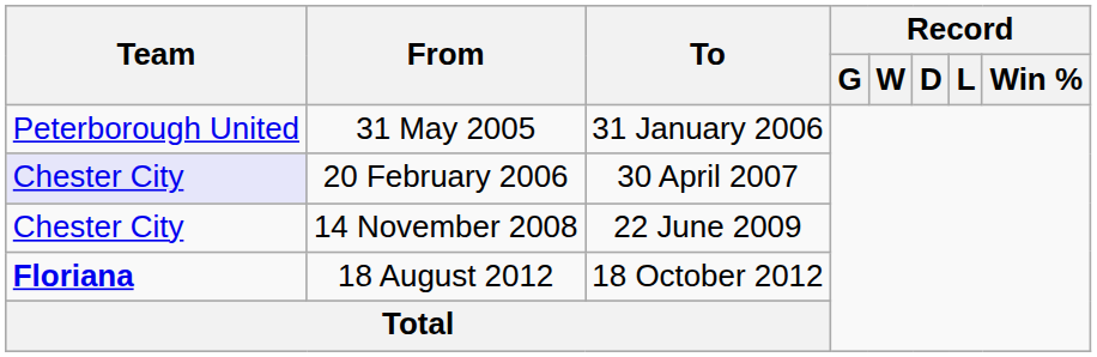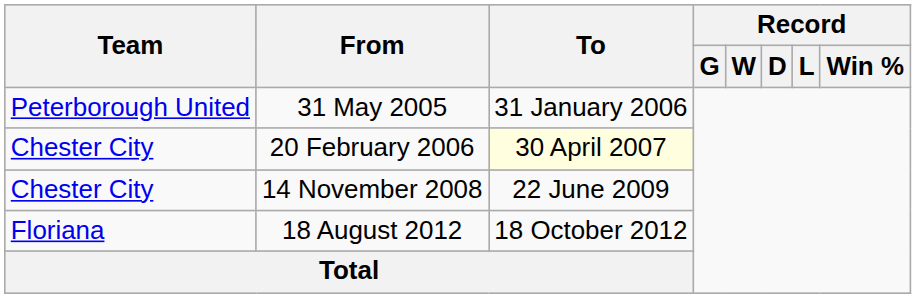 <table class="wikitable" style="text-align: center">
 <tr>
 <th rowspan="2">Team</th>
 <th rowspan="2">From</th>
 <th rowspan="2">To</th>
 <th colspan="5">Record</th>
 </tr>
 <tr>
 <th>G</th>
 <th>W</th>
 <th>D</th>
 <th>L</th>
 <th>Win %</th>
 </tr>
 <tr>
 <td align=left><a href='#'>Peterborough United</a></td>
 <td>31 May 2005</td>
 <td>31 January 2006<br></td>
 </tr>
 <tr>
-<td align=left style="background: lavender;"><a href='#'>Chester City</a></td>
+<td align=left><a href='#'>Chester City</a></td>
 <td>20 February 2006</td>
-<td>30 April 2007<br></td>
+<td style="background: lightyellow;">30 April 2007<br></td>
 </tr>
 <tr>
 <td align=left><a href='#'>Chester City</a></td>
 <td>14 November 2008</td>
 <td>22 June 2009<br></td>
 </tr>
 <tr>
-<td align=left><strong><a href='#'>Floriana</a></strong></td>
+<td align=left><a href='#'>Floriana</a></td>
 <td>18 August 2012</td>
 <td>18 October 2012<br></td>
 </tr>
 <tr>
 <th colspan="3">Total<br></th>
 </tr>
 </table>
